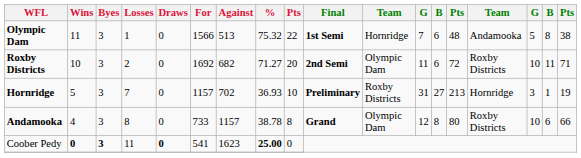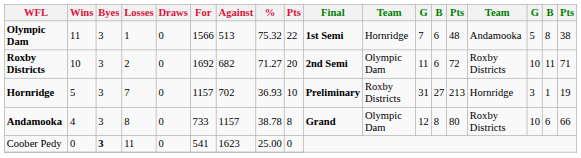 <table class="wikitable">
 <tr>
 <th style="color:crimson">WFL</th>
 <th style="color:crimson">Wins</th>
 <th style="color:crimson">Byes</th>
 <th style="color:crimson">Losses</th>
 <th style="color:crimson">Draws</th>
 <th style="color:crimson">For</th>
 <th style="color:crimson">Against</th>
 <th style="color:crimson">%</th>
 <th style="color:crimson">Pts</th>
 <th style="color:green">Final</th>
 <th style="color:green">Team</th>
 <th style="color:green">G</th>
 <th style="color:green">B</th>
 <th style="color:green">Pts</th>
 <th style="color:green">Team</th>
 <th style="color:green">G</th>
 <th style="color:green">B</th>
 <th style="color:green">Pts</th>
 </tr>
 <tr>
 <td><strong>	Olympic Dam	</strong></td>
 <td>11</td>
 <td>3</td>
 <td>1</td>
 <td>0</td>
 <td>1566</td>
 <td>513</td>
 <td>75.32</td>
 <td>22</td>
 <td><strong>1st Semi</strong></td>
 <td>Hornridge</td>
 <td>7</td>
 <td>6</td>
 <td>48</td>
 <td>Andamooka</td>
 <td>5</td>
 <td>8</td>
 <td>38</td>
 </tr>
 <tr>
 <td><strong>	Roxby Districts	</strong></td>
 <td>10</td>
 <td>3</td>
 <td>2</td>
 <td>0</td>
 <td>1692</td>
 <td>682</td>
 <td>71.27</td>
 <td>20</td>
 <td><strong>2nd Semi</strong></td>
 <td>Olympic Dam</td>
 <td>11</td>
 <td>6</td>
 <td>72</td>
 <td>Roxby Districts</td>
 <td>10</td>
 <td>11</td>
 <td>71</td>
 </tr>
 <tr>
 <td><strong>	Hornridge	</strong></td>
 <td>5</td>
 <td>3</td>
 <td>7</td>
 <td>0</td>
 <td>1157</td>
 <td>702</td>
 <td>36.93</td>
 <td>10</td>
 <td><strong>Preliminary</strong></td>
 <td>Roxby Districts</td>
 <td>31</td>
 <td>27</td>
 <td>213</td>
 <td>Hornridge</td>
 <td>3</td>
 <td>1</td>
 <td>19</td>
 </tr>
 <tr>
 <td><strong>	Andamooka	</strong></td>
 <td>4</td>
 <td>3</td>
 <td>8</td>
 <td>0</td>
 <td>733</td>
 <td>1157</td>
 <td>38.78</td>
 <td>8</td>
 <td><strong>Grand</strong></td>
 <td>Olympic Dam</td>
 <td>12</td>
 <td>8</td>
 <td>80</td>
 <td>Roxby Districts</td>
 <td>10</td>
 <td>6</td>
 <td>66</td>
 </tr>
 <tr>
 <td>Coober Pedy</td>
-<td><strong>0</strong></td>
+<td>0</td>
 <td><strong>3</strong></td>
 <td>11</td>
-<td><strong>0</strong></td>
+<td>0</td>
 <td>541</td>
 <td>1623</td>
-<td><strong>25.00</strong></td>
+<td>25.00</td>
 <td>0</td>
 </tr>
 <tr>
 </tr>
 </table>
